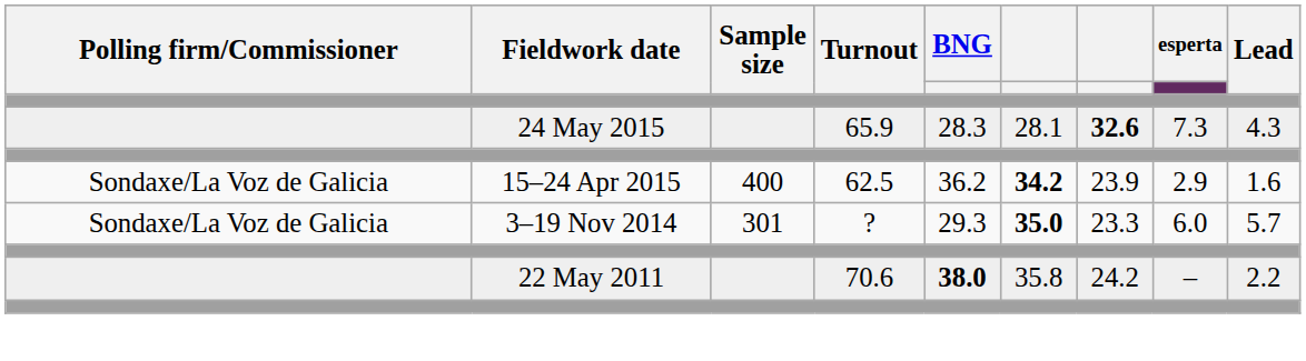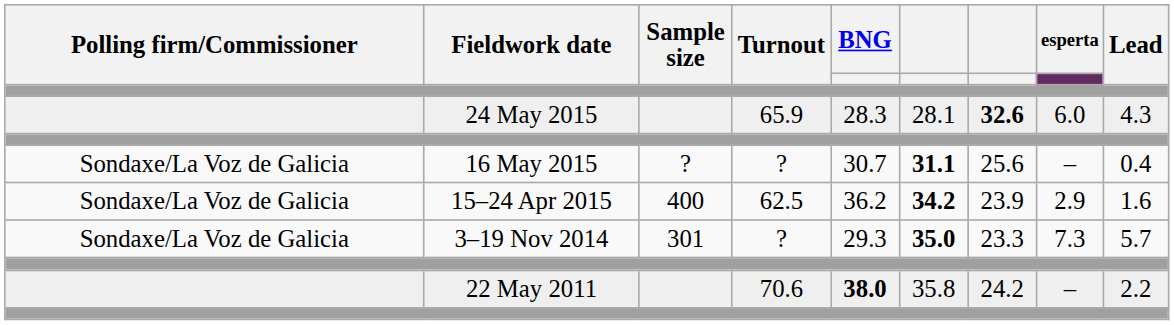 <table class="wikitable collapsible collapsed" style="text-align:center; font-size:95%; line-height:16px;">
 <tr style="height:42px;">
 <th style="width:250px;" rowspan="2">Polling firm/Commissioner</th>
 <th style="width:125px;" rowspan="2">Fieldwork date</th>
 <th style="width:50px;" rowspan="2">Sample size</th>
 <th style="width:45px;" rowspan="2">Turnout</th>
 <th style="width:35px;"><a href='#'>BNG</a></th>
 <th style="width:35px;"></th>
 <th style="width:35px;"></th>
 <th style="width:35px; font-size:75%;">esperta</th>
 <th style="width:30px;" rowspan="2">Lead</th>
 </tr>
 <tr>
 <th style="color:inherit;background:"></th>
 <th style="color:inherit;background:"></th>
 <th style="color:inherit;background:"></th>
 <th style="color:inherit;background:#612A60;"></th>
 </tr>
 <tr>
 <td colspan="9" style="background:#A0A0A0"></td>
 </tr>
 <tr style="background:#EFEFEF;">
 <td><strong></strong></td>
 <td>24 May 2015</td>
 <td></td>
 <td>65.9</td>
 <td>28.3<br></td>
 <td>28.1<br></td>
 <td><strong>32.6</strong><br></td>
-<td>7.3<br></td>
+<td>6.0<br></td>
 <td style="background:">4.3</td>
 </tr>
 <tr>
 <td colspan="9" style="background:#A0A0A0"></td>
+</tr>
+<tr>
+<td>Sondaxe/La Voz de Galicia</td>
+<td>16 May 2015</td>
+<td>?</td>
+<td>?</td>
+<td>30.7<br></td>
+<td><strong>31.1</strong><br></td>
+<td>25.6<br></td>
+<td>–</td>
+<td style="background:">0.4</td>
 </tr>
 <tr>
 <td>Sondaxe/La Voz de Galicia</td>
 <td>15–24 Apr 2015</td>
 <td>400</td>
 <td>62.5</td>
 <td>36.2<br></td>
 <td><strong>34.2</strong><br></td>
 <td>23.9<br></td>
 <td>2.9<br></td>
 <td style="background:">1.6</td>
 </tr>
 <tr>
 <td>Sondaxe/La Voz de Galicia</td>
 <td>3–19 Nov 2014</td>
 <td>301</td>
 <td>?</td>
 <td>29.3<br></td>
 <td><strong>35.0</strong><br></td>
 <td>23.3<br></td>
-<td>6.0<br></td>
+<td>7.3<br></td>
 <td style="background:">5.7</td>
 </tr>
 <tr>
 <td colspan="9" style="background:#A0A0A0"></td>
 </tr>
 <tr style="background:#EFEFEF;">
 <td><strong></strong></td>
 <td>22 May 2011</td>
 <td></td>
 <td>70.6</td>
 <td><strong>38.0</strong><br></td>
 <td>35.8<br></td>
 <td>24.2<br></td>
 <td>–</td>
 <td style="background:">2.2</td>
 </tr>
 <tr>
 <td colspan="9" style="background:#A0A0A0"></td>
 </tr>
 </table>
